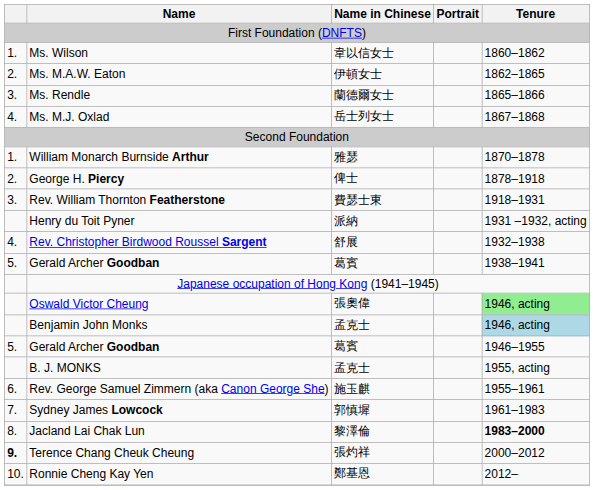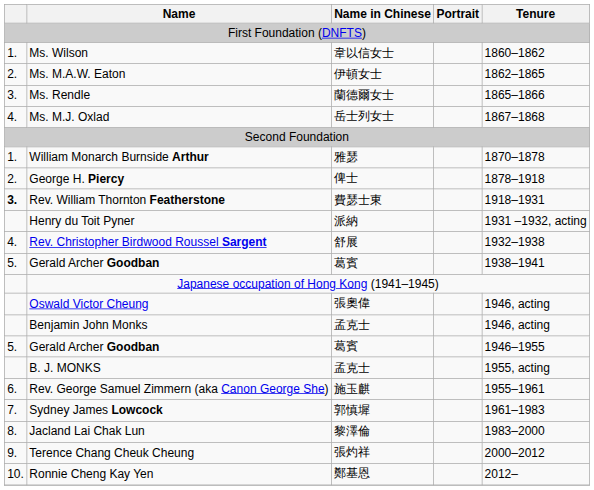 <table class="wikitable">
 <tr>
 <th></th>
 <th>Name</th>
 <th>Name in Chinese</th>
 <th>Portrait</th>
 <th>Tenure</th>
 </tr>
 <tr>
 <td colspan="5" style="text-align:center" bgcolor="#CCCCCC">First Foundation (<a href='#'>DNFTS</a>)</td>
 </tr>
 <tr>
 <td>1.</td>
 <td>Ms. Wilson</td>
 <td>韋以信女士</td>
 <td></td>
 <td>1860–1862</td>
 </tr>
 <tr>
 <td>2.</td>
 <td>Ms. M.A.W. Eaton</td>
 <td>伊頓女士</td>
 <td></td>
 <td>1862–1865</td>
 </tr>
 <tr>
 <td>3.</td>
 <td>Ms. Rendle</td>
 <td>蘭德爾女士</td>
 <td></td>
 <td>1865–1866</td>
 </tr>
 <tr>
 <td>4.</td>
 <td>Ms. M.J. Oxlad</td>
 <td>岳士列女士</td>
 <td></td>
 <td>1867–1868</td>
 </tr>
 <tr>
 <td colspan="5" style="text-align:center" bgcolor="#CCCCCC">Second Foundation</td>
 </tr>
 <tr>
 <td>1.</td>
 <td>William Monarch Burnside <strong>Arthur</strong></td>
 <td>雅瑟</td>
 <td></td>
 <td>1870–1878</td>
 </tr>
 <tr>
 <td>2.</td>
 <td>George H. <strong>Piercy</strong></td>
 <td>俾士</td>
 <td></td>
 <td>1878–1918</td>
 </tr>
 <tr>
-<td>3.</td>
+<td><strong>3.</strong></td>
 <td>Rev. William Thornton <strong>Featherstone</strong></td>
 <td>費瑟士東</td>
 <td></td>
 <td>1918–1931</td>
 </tr>
 <tr>
 <td></td>
 <td>Henry du Toit Pyner</td>
 <td>派納</td>
 <td></td>
 <td>1931 –1932, acting</td>
 </tr>
 <tr>
 <td>4.</td>
 <td><a href='#'>Rev. Christopher Birdwood Roussel <strong>Sargent</strong></a></td>
 <td>舒展</td>
 <td></td>
 <td>1932–1938</td>
 </tr>
 <tr>
 <td>5.</td>
 <td>Gerald Archer <strong>Goodban</strong></td>
 <td>葛賓</td>
 <td></td>
 <td>1938–1941</td>
 </tr>
 <tr>
 <td></td>
 <td colspan="4" align="center"><a href='#'>Japanese occupation of Hong Kong</a> (1941–1945)</td>
 </tr>
 <tr>
 <td></td>
 <td><a href='#'>Oswald Victor Cheung</a></td>
 <td>張奧偉</td>
 <td></td>
-<td style="background: lightgreen;">1946, acting</td>
+<td>1946, acting</td>
 </tr>
 <tr>
 <td></td>
 <td>Benjamin John Monks</td>
 <td>孟克士</td>
 <td></td>
-<td style="background: lightblue;">1946, acting</td>
+<td>1946, acting</td>
 </tr>
 <tr>
 <td>5.</td>
 <td>Gerald Archer <strong>Goodban</strong></td>
 <td>葛賓</td>
 <td></td>
 <td>1946–1955</td>
 </tr>
 <tr>
 <td></td>
 <td>B. J. MONKS</td>
 <td>孟克士</td>
 <td></td>
 <td>1955, acting</td>
 </tr>
 <tr>
 <td>6.</td>
 <td>Rev. George Samuel Zimmern (aka <a href='#'>Canon George She</a>)</td>
 <td>施玉麒</td>
 <td></td>
 <td>1955–1961</td>
 </tr>
 <tr>
 <td>7.</td>
 <td>Sydney James <strong>Lowcock</strong></td>
 <td>郭慎墀</td>
 <td></td>
 <td>1961–1983</td>
 </tr>
 <tr>
 <td>8.</td>
 <td>Jacland Lai Chak Lun</td>
 <td>黎澤倫</td>
 <td></td>
-<td><strong>1983–2000</strong></td>
+<td>1983–2000</td>
 </tr>
 <tr>
-<td><strong>9.</strong></td>
+<td>9.</td>
 <td>Terence Chang Cheuk Cheung</td>
 <td>張灼祥</td>
 <td></td>
 <td>2000–2012</td>
 </tr>
 <tr>
 <td>10.</td>
 <td>Ronnie Cheng Kay Yen</td>
 <td>鄭基恩</td>
 <td></td>
 <td>2012–</td>
 </tr>
 <tr>
 </tr>
 </table>
